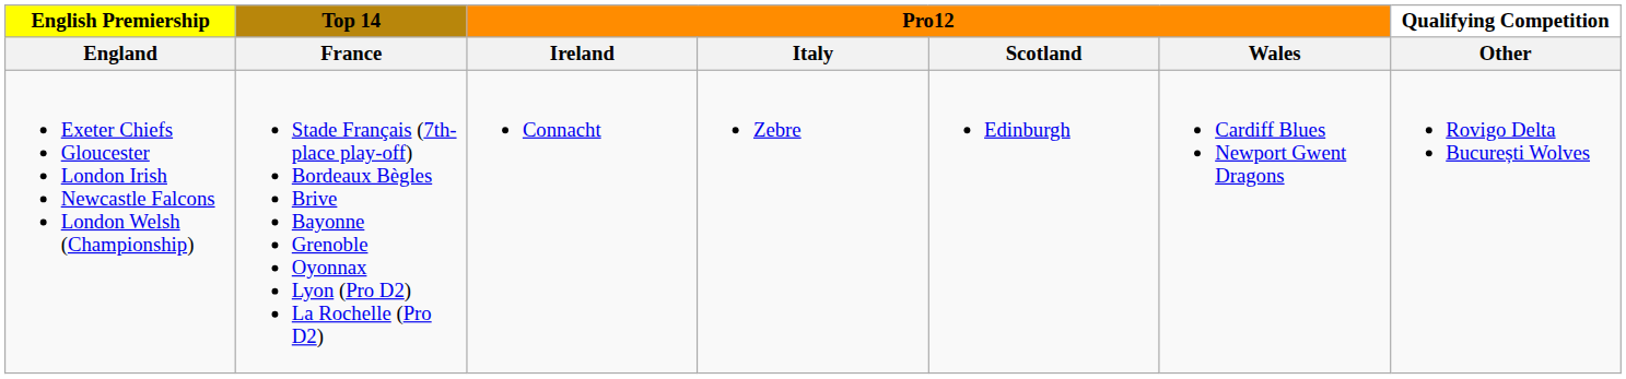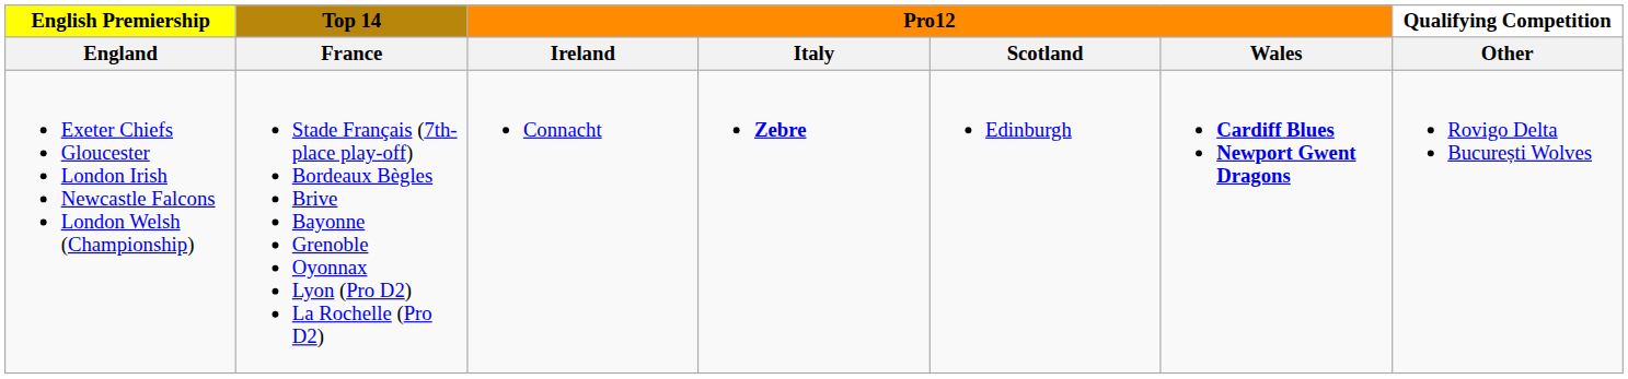 <table class="wikitable" style="width:100%;">
 <tr>
 <th style="background:#ffff00">English Premiership</th>
 <th style="background:#b8860b">Top 14</th>
 <th colspan="4" style="background:#ff8c00">Pro12</th>
 <th style="background:#ffffff">Qualifying Competition</th>
 </tr>
 <tr>
 <th width=14%> England</th>
 <th width=14%> France</th>
 <th width=14%> Ireland</th>
 <th width=14%> Italy</th>
 <th width=14%> Scotland</th>
 <th width=14%> Wales</th>
 <th width=14%>Other<br></th>
 </tr>
 <tr valign=top>
 <td><br><ul><li><a href='#'>Exeter Chiefs</a></li><li><a href='#'>Gloucester</a></li><li><a href='#'>London Irish</a></li><li><a href='#'>Newcastle Falcons</a></li><li><a href='#'>London Welsh</a> (<a href='#'>Championship</a>)</li></ul></td>
 <td><br><ul><li><a href='#'>Stade Français</a> (<a href='#'>7th-place play-off</a>)</li><li><a href='#'>Bordeaux Bègles</a></li><li><a href='#'>Brive</a></li><li><a href='#'>Bayonne</a></li><li><a href='#'>Grenoble</a></li><li><a href='#'>Oyonnax</a></li><li><a href='#'>Lyon</a> (<a href='#'>Pro D2</a>)</li><li><a href='#'>La Rochelle</a> (<a href='#'>Pro D2</a>)</li></ul></td>
 <td><br><ul><li><a href='#'>Connacht</a></li></ul></td>
-<td><br><ul><li><a href='#'>Zebre</a></li></ul></td>
+<td><strong><br><ul><li><a href='#'>Zebre</a></li></ul></strong></td>
 <td><br><ul><li><a href='#'>Edinburgh</a></li></ul></td>
-<td><br><ul><li><a href='#'>Cardiff Blues</a></li><li><a href='#'>Newport Gwent Dragons</a></li></ul></td>
+<td><strong><br><ul><li><a href='#'>Cardiff Blues</a></li><li><a href='#'>Newport Gwent Dragons</a></li></ul></strong></td>
 <td><br><ul><li> <a href='#'>Rovigo Delta</a></li><li> <a href='#'>București Wolves</a></li></ul></td>
 </tr>
 </table>
